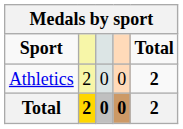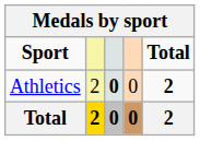 <table class="wikitable" style=font-size:85%>
 <tr style="background:#efefef;">
 <th colspan=5><strong>Medals by sport</strong></th>
 </tr>
 <tr align=center>
 <td><strong>Sport</strong></td>
 <td bgcolor=#f7f6a8></td>
 <td bgcolor=#dce5e5></td>
 <td bgcolor=#ffdab9></td>
 <td><strong>Total</strong></td>
 </tr>
 <tr align=center>
 <td><a href='#'>Athletics</a></td>
 <td style="background:#F7F6A8;">2</td>
-<td style="background:#DCE5E5;">0</td>
+<td style="background:#DCE5E5;"><strong>0</strong></td>
 <td style="background:#FFDAB9;">0</td>
 <td><strong>2</strong></td>
 </tr>
 <tr align=center>
 <th><strong>Total</strong></th>
 <th style="background:gold;"><strong>2</strong></th>
 <th style="background:silver;"><strong>0</strong></th>
 <th style="background:#c96;"><strong>0</strong></th>
 <th><strong>2</strong></th>
 </tr>
 </table>
